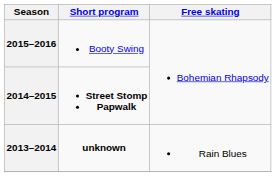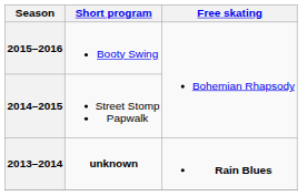 <table class=wikitable style=text-align:center>
 <tr>
 <th>Season</th>
 <th><a href='#'>Short program</a></th>
 <th><a href='#'>Free skating</a></th>
 </tr>
 <tr>
 <th>2015–2016 <br> </th>
 <td><br><ul><li><a href='#'>Booty Swing</a> <br></li></ul></td>
 <td rowspan=2><br><ul><li><a href='#'>Bohemian Rhapsody</a> <br></li></ul></td>
 </tr>
 <tr>
 <th>2014–2015</th>
-<td><strong><br><ul><li>Street Stomp</li><li>Papwalk <br></li></ul></strong></td>
+<td><br><ul><li>Street Stomp</li><li>Papwalk <br></li></ul></td>
 </tr>
 <tr>
 <th>2013–2014</th>
 <td align="center"><strong>unknown</strong></td>
-<td><br><ul><li>Rain Blues <br></li></ul></td>
+<td><strong><br><ul><li>Rain Blues <br></li></ul></strong></td>
 </tr>
 <tr>
 </tr>
 </table>
